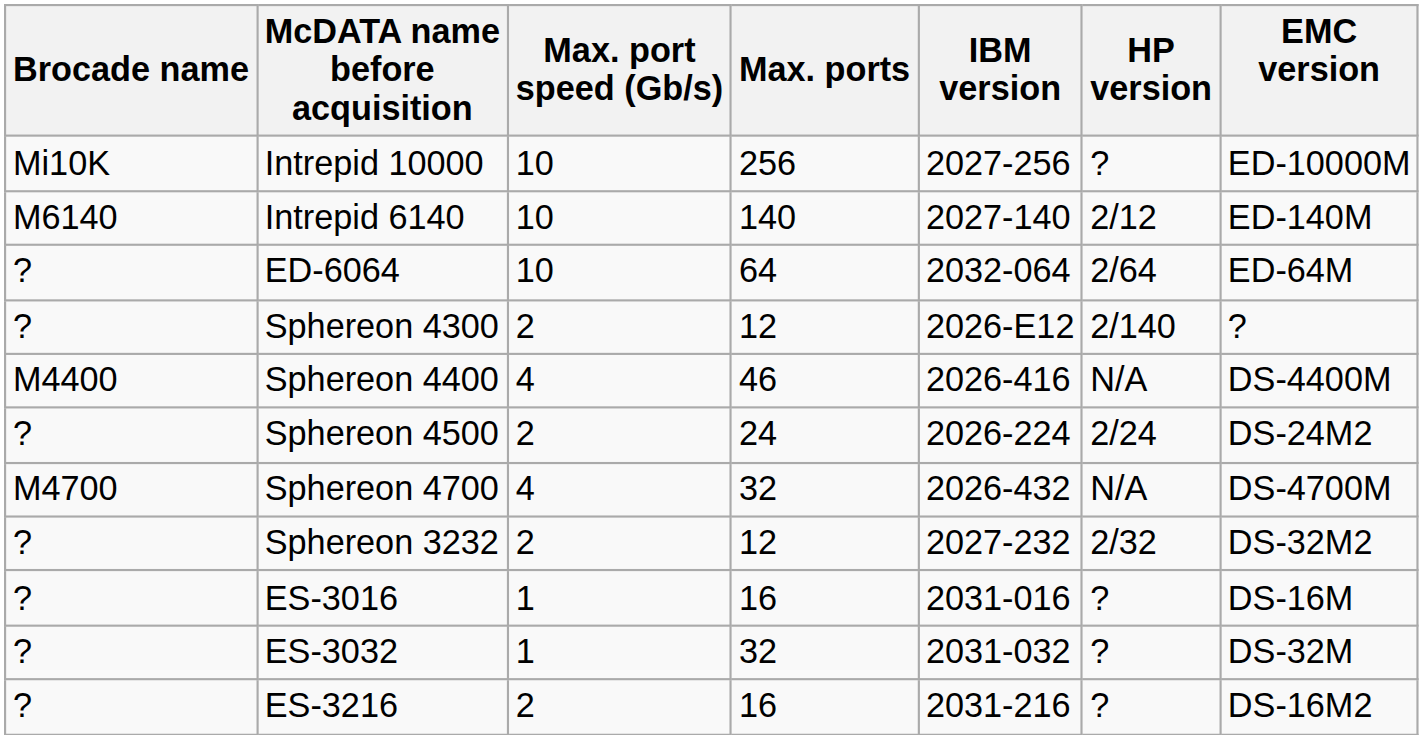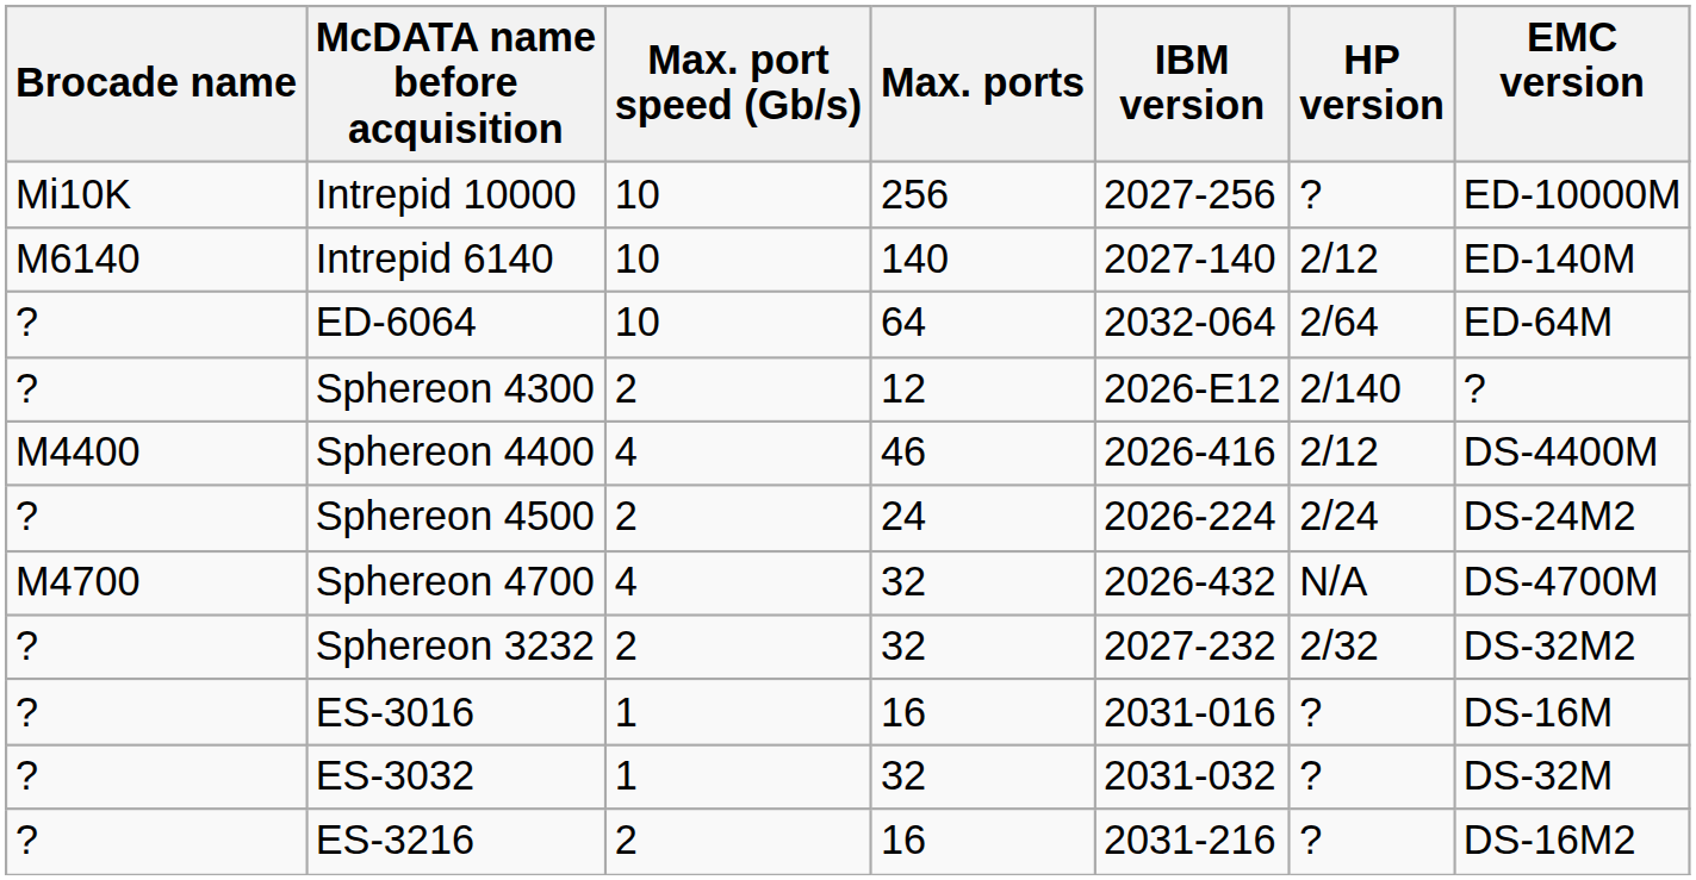 <table class="wikitable mw-collapsible mw-collapsed">
 <tr>
 <th>Brocade name</th>
 <th>McDATA name<br>before<br>acquisition</th>
 <th>Max. port<br> speed (Gb/s)</th>
 <th>Max. ports</th>
 <th>IBM <br> version<br></th>
 <th>HP <br> version<br></th>
 <th>EMC <br> version<br><br> </th>
 </tr>
 <tr>
 <td>Mi10K</td>
 <td>Intrepid 10000</td>
 <td>10</td>
 <td>256</td>
 <td>2027-256</td>
 <td>?</td>
 <td>ED-10000M</td>
 </tr>
 <tr>
 <td>M6140</td>
 <td>Intrepid 6140</td>
 <td>10</td>
 <td>140</td>
 <td>2027-140</td>
 <td>2/12</td>
 <td>ED-140M</td>
 </tr>
 <tr>
 <td>?</td>
 <td>ED-6064</td>
 <td>10</td>
 <td>64</td>
 <td>2032-064</td>
 <td>2/64</td>
 <td>ED-64M</td>
 </tr>
 <tr>
 <td>?</td>
 <td>Sphereon 4300</td>
 <td>2</td>
 <td>12</td>
 <td>2026-E12</td>
 <td>2/140</td>
 <td>?</td>
 </tr>
 <tr>
 <td>M4400</td>
 <td>Sphereon 4400</td>
 <td>4</td>
 <td>46</td>
 <td>2026-416</td>
-<td>N/A</td>
+<td>2/12</td>
 <td>DS-4400M</td>
 </tr>
 <tr>
 <td>?</td>
 <td>Sphereon 4500</td>
 <td>2</td>
 <td>24</td>
 <td>2026-224</td>
 <td>2/24</td>
 <td>DS-24M2</td>
 </tr>
 <tr>
 <td>M4700</td>
 <td>Sphereon 4700</td>
 <td>4</td>
 <td>32</td>
 <td>2026-432</td>
 <td>N/A</td>
 <td>DS-4700M</td>
 </tr>
 <tr>
 <td>?</td>
 <td>Sphereon 3232</td>
 <td>2</td>
-<td>12</td>
+<td>32</td>
 <td>2027-232</td>
 <td>2/32</td>
 <td>DS-32M2</td>
 </tr>
 <tr>
 <td>?</td>
 <td>ES-3016</td>
 <td>1</td>
 <td>16</td>
 <td>2031-016</td>
 <td>?</td>
 <td>DS-16M</td>
 </tr>
 <tr>
 <td>?</td>
 <td>ES-3032</td>
 <td>1</td>
 <td>32</td>
 <td>2031-032</td>
 <td>?</td>
 <td>DS-32M</td>
 </tr>
 <tr>
 <td>?</td>
 <td>ES-3216</td>
 <td>2</td>
 <td>16</td>
 <td>2031-216</td>
 <td>?</td>
 <td>DS-16M2</td>
 </tr>
 </table>
